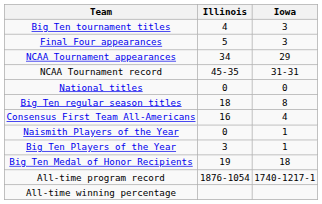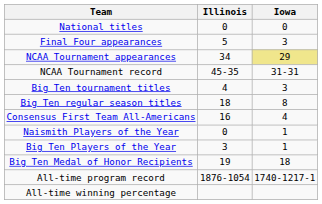 <table class="wikitable" style="text-align:center;">
 <tr>
 <th>Team</th>
 <th>Illinois</th>
 <th>Iowa</th>
 </tr>
 <tr>
-<td><a href='#'>Big Ten tournament titles</a></td>
-<td style=>4</td>
-<td>3</td>
+<td><a href='#'>National titles</a></td>
+<td style=>0</td>
+<td>0</td>
 </tr>
 <tr>
 <td><a href='#'>Final Four appearances</a></td>
 <td style=>5</td>
 <td>3</td>
 </tr>
 <tr>
 <td><a href='#'>NCAA Tournament appearances</a></td>
 <td style=>34</td>
-<td>29</td>
+<td style="background: khaki;">29</td>
 </tr>
 <tr>
 <td>NCAA Tournament record</td>
 <td style=>45-35</td>
 <td>31-31</td>
 </tr>
 <tr>
-<td><a href='#'>National titles</a></td>
-<td style=>0</td>
-<td>0</td>
+<td><a href='#'>Big Ten tournament titles</a></td>
+<td style=>4</td>
+<td>3</td>
 </tr>
 <tr>
 <td><a href='#'>Big Ten regular season titles</a></td>
 <td style=>18</td>
 <td>8</td>
 </tr>
 <tr>
 <td><a href='#'>Consensus First Team All-Americans</a></td>
 <td style=>16</td>
 <td>4</td>
 </tr>
 <tr>
 <td><a href='#'>Naismith Players of the Year</a></td>
 <td style=>0</td>
 <td>1</td>
 </tr>
 <tr>
 <td><a href='#'>Big Ten Players of the Year</a></td>
 <td style=>3</td>
 <td>1</td>
 </tr>
 <tr>
 <td><a href='#'>Big Ten Medal of Honor Recipients</a></td>
 <td style=>19</td>
 <td>18</td>
 </tr>
 <tr>
 <td>All-time program record</td>
 <td style=>1876-1054</td>
 <td>1740-1217-1</td>
 </tr>
 <tr>
 <td>All-time winning percentage</td>
 <td></td>
 <td></td>
 </tr>
 </table>
